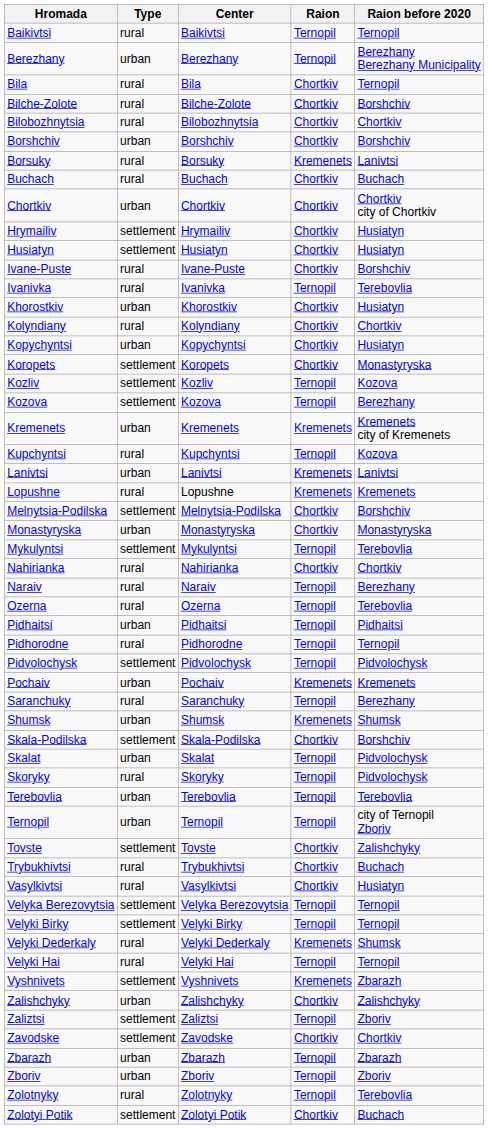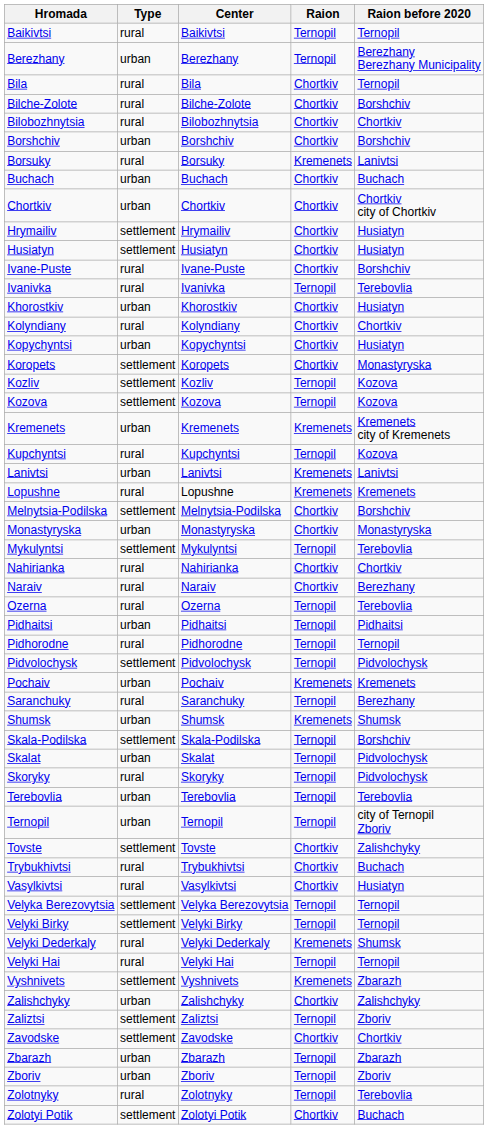 <table class='wikitable sortable'>
 <tr>
 <th>Hromada</th>
 <th>Type</th>
 <th>Center</th>
 <th>Raion</th>
 <th>Raion before 2020</th>
 </tr>
 <tr>
 <td><a href='#'>Baikivtsi</a></td>
 <td>rural</td>
 <td><a href='#'>Baikivtsi</a></td>
 <td><a href='#'>Ternopil</a></td>
 <td><a href='#'>Ternopil</a></td>
 </tr>
 <tr>
 <td><a href='#'>Berezhany</a></td>
 <td>urban</td>
 <td><a href='#'>Berezhany</a></td>
 <td><a href='#'>Ternopil</a></td>
 <td><a href='#'>Berezhany</a><br> <a href='#'>Berezhany Municipality</a></td>
 </tr>
 <tr>
 <td><a href='#'>Bila</a></td>
 <td>rural</td>
 <td><a href='#'>Bila</a></td>
 <td><a href='#'>Chortkiv</a></td>
 <td><a href='#'>Ternopil</a></td>
 </tr>
 <tr>
 <td><a href='#'>Bilche-Zolote</a></td>
 <td>rural</td>
 <td><a href='#'>Bilche-Zolote</a></td>
 <td><a href='#'>Chortkiv</a></td>
 <td><a href='#'>Borshchiv</a></td>
 </tr>
 <tr>
 <td><a href='#'>Bilobozhnytsia</a></td>
 <td>rural</td>
 <td><a href='#'>Bilobozhnytsia</a></td>
 <td><a href='#'>Chortkiv</a></td>
 <td><a href='#'>Chortkiv</a></td>
 </tr>
 <tr>
 <td><a href='#'>Borshchiv</a></td>
 <td>urban</td>
 <td><a href='#'>Borshchiv</a></td>
 <td><a href='#'>Chortkiv</a></td>
 <td><a href='#'>Borshchiv</a></td>
 </tr>
 <tr>
 <td><a href='#'>Borsuky</a></td>
 <td>rural</td>
 <td><a href='#'>Borsuky</a></td>
 <td><a href='#'>Kremenets</a></td>
 <td><a href='#'>Lanivtsi</a></td>
 </tr>
 <tr>
 <td><a href='#'>Buchach</a></td>
-<td>rural</td>
+<td>urban</td>
 <td><a href='#'>Buchach</a></td>
 <td><a href='#'>Chortkiv</a></td>
 <td><a href='#'>Buchach</a></td>
 </tr>
 <tr>
 <td><a href='#'>Chortkiv</a></td>
 <td>urban</td>
 <td><a href='#'>Chortkiv</a></td>
 <td><a href='#'>Chortkiv</a></td>
 <td><a href='#'>Chortkiv</a><br>city of Chortkiv</td>
 </tr>
 <tr>
 <td><a href='#'>Hrymailiv</a></td>
 <td>settlement</td>
 <td><a href='#'>Hrymailiv</a></td>
 <td><a href='#'>Chortkiv</a></td>
 <td><a href='#'>Husiatyn</a></td>
 </tr>
 <tr>
 <td><a href='#'>Husiatyn</a></td>
 <td>settlement</td>
 <td><a href='#'>Husiatyn</a></td>
 <td><a href='#'>Chortkiv</a></td>
 <td><a href='#'>Husiatyn</a></td>
 </tr>
 <tr>
 <td><a href='#'>Ivane-Puste</a></td>
 <td>rural</td>
 <td><a href='#'>Ivane-Puste</a></td>
 <td><a href='#'>Chortkiv</a></td>
 <td><a href='#'>Borshchiv</a></td>
 </tr>
 <tr>
 <td><a href='#'>Ivanivka</a></td>
 <td>rural</td>
 <td><a href='#'>Ivanivka</a></td>
 <td><a href='#'>Ternopil</a></td>
 <td><a href='#'>Terebovlia</a></td>
 </tr>
 <tr>
 <td><a href='#'>Khorostkiv</a></td>
 <td>urban</td>
 <td><a href='#'>Khorostkiv</a></td>
 <td><a href='#'>Chortkiv</a></td>
 <td><a href='#'>Husiatyn</a></td>
 </tr>
 <tr>
 <td><a href='#'>Kolyndiany</a></td>
 <td>rural</td>
 <td><a href='#'>Kolyndiany</a></td>
 <td><a href='#'>Chortkiv</a></td>
 <td><a href='#'>Chortkiv</a></td>
 </tr>
 <tr>
 <td><a href='#'>Kopychyntsi</a></td>
 <td>urban</td>
 <td><a href='#'>Kopychyntsi</a></td>
 <td><a href='#'>Chortkiv</a></td>
 <td><a href='#'>Husiatyn</a></td>
 </tr>
 <tr>
 <td><a href='#'>Koropets</a></td>
 <td>settlement</td>
 <td><a href='#'>Koropets</a></td>
 <td><a href='#'>Chortkiv</a></td>
 <td><a href='#'>Monastyryska</a></td>
 </tr>
 <tr>
 <td><a href='#'>Kozliv</a></td>
 <td>settlement</td>
 <td><a href='#'>Kozliv</a></td>
 <td><a href='#'>Ternopil</a></td>
 <td><a href='#'>Kozova</a></td>
 </tr>
 <tr>
 <td><a href='#'>Kozova</a></td>
 <td>settlement</td>
 <td><a href='#'>Kozova</a></td>
 <td><a href='#'>Ternopil</a></td>
-<td><a href='#'>Berezhany</a></td>
+<td><a href='#'>Kozova</a></td>
 </tr>
 <tr>
 <td><a href='#'>Kremenets</a></td>
 <td>urban</td>
 <td><a href='#'>Kremenets</a></td>
 <td><a href='#'>Kremenets</a></td>
 <td><a href='#'>Kremenets</a><br>city of Kremenets</td>
 </tr>
 <tr>
 <td><a href='#'>Kupchyntsi</a></td>
 <td>rural</td>
 <td><a href='#'>Kupchyntsi</a></td>
 <td><a href='#'>Ternopil</a></td>
 <td><a href='#'>Kozova</a></td>
 </tr>
 <tr>
 <td><a href='#'>Lanivtsi</a></td>
 <td>urban</td>
 <td><a href='#'>Lanivtsi</a></td>
 <td><a href='#'>Kremenets</a></td>
 <td><a href='#'>Lanivtsi</a></td>
 </tr>
 <tr>
 <td><a href='#'>Lopushne</a></td>
 <td>rural</td>
 <td>Lopushne</td>
 <td><a href='#'>Kremenets</a></td>
 <td><a href='#'>Kremenets</a></td>
 </tr>
 <tr>
 <td><a href='#'>Melnytsia-Podilska</a></td>
 <td>settlement</td>
 <td><a href='#'>Melnytsia-Podilska</a></td>
 <td><a href='#'>Chortkiv</a></td>
 <td><a href='#'>Borshchiv</a></td>
 </tr>
 <tr>
 <td><a href='#'>Monastyryska</a></td>
 <td>urban</td>
 <td><a href='#'>Monastyryska</a></td>
 <td><a href='#'>Chortkiv</a></td>
 <td><a href='#'>Monastyryska</a></td>
 </tr>
 <tr>
 <td><a href='#'>Mykulyntsi</a></td>
 <td>settlement</td>
 <td><a href='#'>Mykulyntsi</a></td>
 <td><a href='#'>Ternopil</a></td>
 <td><a href='#'>Terebovlia</a></td>
 </tr>
 <tr>
 <td><a href='#'>Nahirianka</a></td>
 <td>rural</td>
 <td><a href='#'>Nahirianka</a></td>
 <td><a href='#'>Chortkiv</a></td>
 <td><a href='#'>Chortkiv</a></td>
 </tr>
 <tr>
 <td><a href='#'>Naraiv</a></td>
 <td>rural</td>
 <td><a href='#'>Naraiv</a></td>
-<td><a href='#'>Ternopil</a></td>
+<td><a href='#'>Chortkiv</a></td>
 <td><a href='#'>Berezhany</a></td>
 </tr>
 <tr>
 <td><a href='#'>Ozerna</a></td>
 <td>rural</td>
 <td><a href='#'>Ozerna</a></td>
 <td><a href='#'>Ternopil</a></td>
 <td><a href='#'>Terebovlia</a></td>
 </tr>
 <tr>
 <td><a href='#'>Pidhaitsi</a></td>
 <td>urban</td>
 <td><a href='#'>Pidhaitsi</a></td>
 <td><a href='#'>Ternopil</a></td>
 <td><a href='#'>Pidhaitsi</a></td>
 </tr>
 <tr>
 <td><a href='#'>Pidhorodne</a></td>
 <td>rural</td>
 <td><a href='#'>Pidhorodne</a></td>
 <td><a href='#'>Ternopil</a></td>
 <td><a href='#'>Ternopil</a></td>
 </tr>
 <tr>
 <td><a href='#'>Pidvolochysk</a></td>
 <td>settlement</td>
 <td><a href='#'>Pidvolochysk</a></td>
 <td><a href='#'>Ternopil</a></td>
 <td><a href='#'>Pidvolochysk</a></td>
 </tr>
 <tr>
 <td><a href='#'>Pochaiv</a></td>
 <td>urban</td>
 <td><a href='#'>Pochaiv</a></td>
 <td><a href='#'>Kremenets</a></td>
 <td><a href='#'>Kremenets</a></td>
 </tr>
 <tr>
 <td><a href='#'>Saranchuky</a></td>
 <td>rural</td>
 <td><a href='#'>Saranchuky</a></td>
 <td><a href='#'>Ternopil</a></td>
 <td><a href='#'>Berezhany</a></td>
 </tr>
 <tr>
 <td><a href='#'>Shumsk</a></td>
 <td>urban</td>
 <td><a href='#'>Shumsk</a></td>
 <td><a href='#'>Kremenets</a></td>
 <td><a href='#'>Shumsk</a></td>
 </tr>
 <tr>
 <td><a href='#'>Skala-Podilska</a></td>
 <td>settlement</td>
 <td><a href='#'>Skala-Podilska</a></td>
-<td><a href='#'>Chortkiv</a></td>
+<td><a href='#'>Ternopil</a></td>
 <td><a href='#'>Borshchiv</a></td>
 </tr>
 <tr>
 <td><a href='#'>Skalat</a></td>
 <td>urban</td>
 <td><a href='#'>Skalat</a></td>
 <td><a href='#'>Ternopil</a></td>
 <td><a href='#'>Pidvolochysk</a></td>
 </tr>
 <tr>
 <td><a href='#'>Skoryky</a></td>
 <td>rural</td>
 <td><a href='#'>Skoryky</a></td>
 <td><a href='#'>Ternopil</a></td>
 <td><a href='#'>Pidvolochysk</a></td>
 </tr>
 <tr>
 <td><a href='#'>Terebovlia</a></td>
 <td>urban</td>
 <td><a href='#'>Terebovlia</a></td>
 <td><a href='#'>Ternopil</a></td>
 <td><a href='#'>Terebovlia</a></td>
 </tr>
 <tr>
 <td><a href='#'>Ternopil</a></td>
 <td>urban</td>
 <td><a href='#'>Ternopil</a></td>
 <td><a href='#'>Ternopil</a></td>
 <td>city of Ternopil<br><a href='#'>Zboriv</a></td>
 </tr>
 <tr>
 <td><a href='#'>Tovste</a></td>
 <td>settlement</td>
 <td><a href='#'>Tovste</a></td>
 <td><a href='#'>Chortkiv</a></td>
 <td><a href='#'>Zalishchyky</a></td>
 </tr>
 <tr>
 <td><a href='#'>Trybukhivtsi</a></td>
 <td>rural</td>
 <td><a href='#'>Trybukhivtsi</a></td>
 <td><a href='#'>Chortkiv</a></td>
 <td><a href='#'>Buchach</a></td>
 </tr>
 <tr>
 <td><a href='#'>Vasylkivtsi</a></td>
 <td>rural</td>
 <td><a href='#'>Vasylkivtsi</a></td>
 <td><a href='#'>Chortkiv</a></td>
 <td><a href='#'>Husiatyn</a></td>
 </tr>
 <tr>
 <td><a href='#'>Velyka Berezovytsia</a></td>
 <td>settlement</td>
 <td><a href='#'>Velyka Berezovytsia</a></td>
 <td><a href='#'>Ternopil</a></td>
 <td><a href='#'>Ternopil</a></td>
 </tr>
 <tr>
 <td><a href='#'>Velyki Birky</a></td>
 <td>settlement</td>
 <td><a href='#'>Velyki Birky</a></td>
 <td><a href='#'>Ternopil</a></td>
 <td><a href='#'>Ternopil</a></td>
 </tr>
 <tr>
 <td><a href='#'>Velyki Dederkaly</a></td>
 <td>rural</td>
 <td><a href='#'>Velyki Dederkaly</a></td>
 <td><a href='#'>Kremenets</a></td>
 <td><a href='#'>Shumsk</a></td>
 </tr>
 <tr>
 <td><a href='#'>Velyki Hai</a></td>
 <td>rural</td>
 <td><a href='#'>Velyki Hai</a></td>
 <td><a href='#'>Ternopil</a></td>
 <td><a href='#'>Ternopil</a></td>
 </tr>
 <tr>
 <td><a href='#'>Vyshnivets</a></td>
 <td>settlement</td>
 <td><a href='#'>Vyshnivets</a></td>
 <td><a href='#'>Kremenets</a></td>
 <td><a href='#'>Zbarazh</a></td>
 </tr>
 <tr>
 <td><a href='#'>Zalishchyky</a></td>
 <td>urban</td>
 <td><a href='#'>Zalishchyky</a></td>
 <td><a href='#'>Chortkiv</a></td>
 <td><a href='#'>Zalishchyky</a></td>
 </tr>
 <tr>
 <td><a href='#'>Zaliztsi</a></td>
 <td>settlement</td>
 <td><a href='#'>Zaliztsi</a></td>
 <td><a href='#'>Ternopil</a></td>
 <td><a href='#'>Zboriv</a></td>
 </tr>
 <tr>
 <td><a href='#'>Zavodske</a></td>
 <td>settlement</td>
 <td><a href='#'>Zavodske</a></td>
 <td><a href='#'>Chortkiv</a></td>
 <td><a href='#'>Chortkiv</a></td>
 </tr>
 <tr>
 <td><a href='#'>Zbarazh</a></td>
 <td>urban</td>
 <td><a href='#'>Zbarazh</a></td>
 <td><a href='#'>Ternopil</a></td>
 <td><a href='#'>Zbarazh</a></td>
 </tr>
 <tr>
 <td><a href='#'>Zboriv</a></td>
 <td>urban</td>
 <td><a href='#'>Zboriv</a></td>
 <td><a href='#'>Ternopil</a></td>
 <td><a href='#'>Zboriv</a></td>
 </tr>
 <tr>
 <td><a href='#'>Zolotnyky</a></td>
 <td>rural</td>
 <td><a href='#'>Zolotnyky</a></td>
 <td><a href='#'>Ternopil</a></td>
 <td><a href='#'>Terebovlia</a></td>
 </tr>
 <tr>
 <td><a href='#'>Zolotyi Potik</a></td>
 <td>settlement</td>
 <td><a href='#'>Zolotyi Potik</a></td>
 <td><a href='#'>Chortkiv</a></td>
 <td><a href='#'>Buchach</a></td>
 </tr>
 </table>
